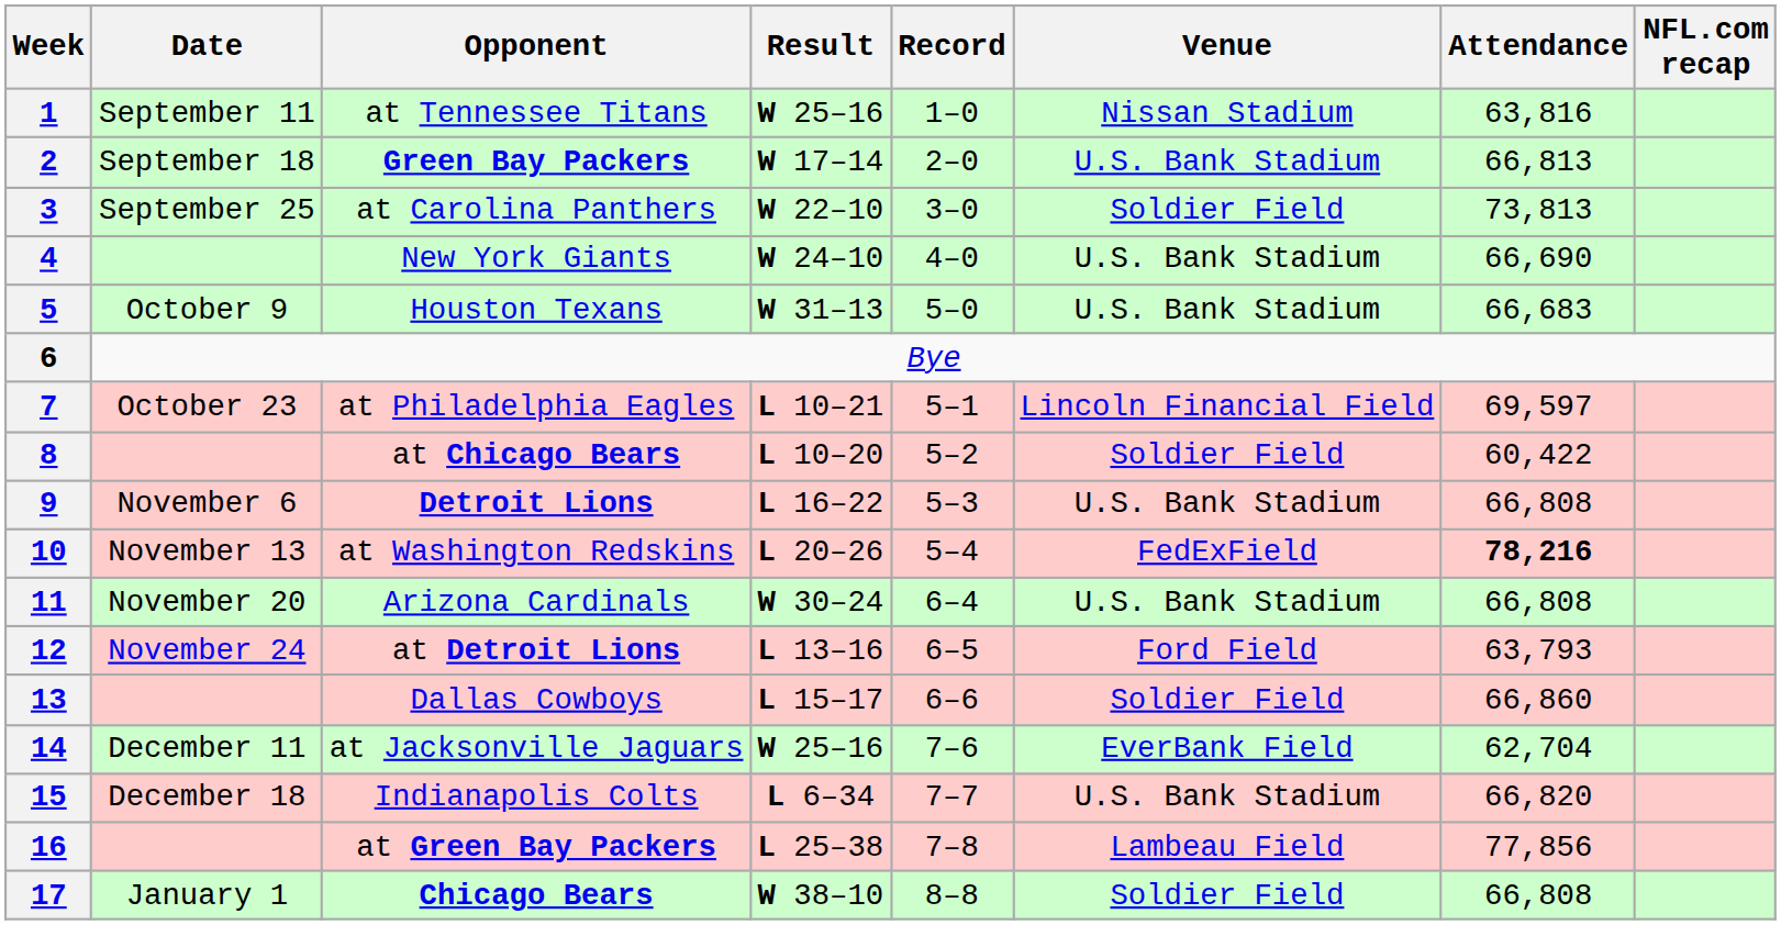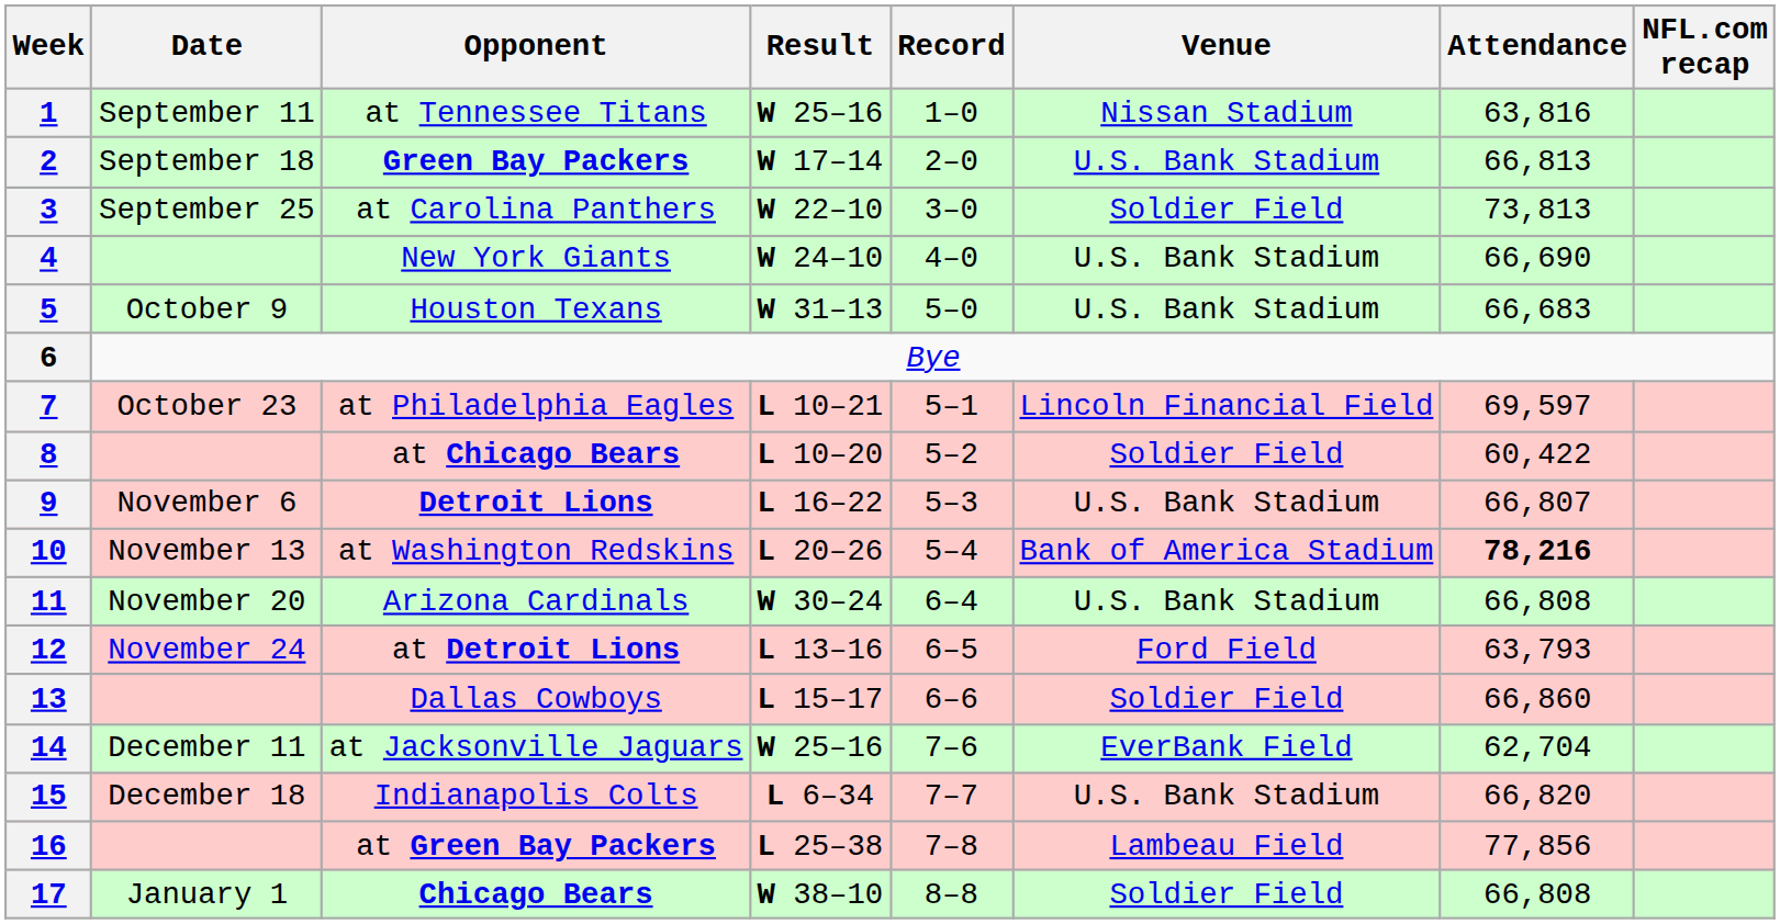 <table class="wikitable" style="text-align:center">
 <tr>
 <th>Week</th>
 <th>Date</th>
 <th>Opponent</th>
 <th>Result</th>
 <th>Record</th>
 <th>Venue</th>
 <th>Attendance</th>
 <th>NFL.com<br>recap</th>
 </tr>
 <tr style="background:#cfc">
 <th><a href='#'>1</a></th>
 <td>September 11</td>
 <td>at <a href='#'>Tennessee Titans</a></td>
 <td><strong>W</strong> 25–16</td>
 <td>1–0</td>
 <td><a href='#'>Nissan Stadium</a></td>
 <td>63,816</td>
 <td></td>
 </tr>
 <tr style="background:#cfc">
 <th><a href='#'>2</a></th>
 <td>September 18</td>
 <td><strong><a href='#'>Green Bay Packers</a></strong></td>
 <td><strong>W</strong> 17–14</td>
 <td>2–0</td>
 <td><a href='#'>U.S. Bank Stadium</a></td>
 <td>66,813</td>
 <td></td>
 </tr>
 <tr style="background:#cfc">
 <th><a href='#'>3</a></th>
 <td>September 25</td>
 <td>at <a href='#'>Carolina Panthers</a></td>
 <td><strong>W</strong> 22–10</td>
 <td>3–0</td>
 <td><a href='#'>Soldier Field</a></td>
 <td>73,813</td>
 <td></td>
 </tr>
 <tr style="background:#cfc">
 <th><a href='#'>4</a></th>
 <td></td>
 <td><a href='#'>New York Giants</a></td>
 <td><strong>W</strong> 24–10</td>
 <td>4–0</td>
 <td>U.S. Bank Stadium</td>
 <td>66,690</td>
 <td></td>
 </tr>
 <tr style="background:#cfc">
 <th><a href='#'>5</a></th>
 <td>October 9</td>
 <td><a href='#'>Houston Texans</a></td>
 <td><strong>W</strong> 31–13</td>
 <td>5–0</td>
 <td>U.S. Bank Stadium</td>
 <td>66,683</td>
 <td></td>
 </tr>
 <tr>
 <th>6</th>
 <td colspan="7"><em><a href='#'>Bye</a></em></td>
 </tr>
 <tr style="background:#fcc">
 <th><a href='#'>7</a></th>
 <td>October 23</td>
 <td>at <a href='#'>Philadelphia Eagles</a></td>
 <td><strong>L</strong> 10–21</td>
 <td>5–1</td>
 <td><a href='#'>Lincoln Financial Field</a></td>
 <td>69,597</td>
 <td></td>
 </tr>
 <tr style="background:#fcc">
 <th><a href='#'>8</a></th>
 <td></td>
 <td>at <strong><a href='#'>Chicago Bears</a></strong></td>
 <td><strong>L</strong> 10–20</td>
 <td>5–2</td>
 <td><a href='#'>Soldier Field</a></td>
 <td>60,422</td>
 <td></td>
 </tr>
 <tr style="background:#fcc">
 <th><a href='#'>9</a></th>
 <td>November 6</td>
 <td><strong><a href='#'>Detroit Lions</a></strong></td>
 <td><strong>L</strong> 16–22 </td>
 <td>5–3</td>
 <td>U.S. Bank Stadium</td>
-<td>66,808</td>
+<td>66,807</td>
 <td></td>
 </tr>
 <tr style="background:#fcc">
 <th><a href='#'>10</a></th>
 <td>November 13</td>
 <td>at <a href='#'>Washington Redskins</a></td>
 <td><strong>L</strong> 20–26</td>
 <td>5–4</td>
-<td><a href='#'>FedExField</a></td>
+<td><a href='#'>Bank of America Stadium</a></td>
 <td><strong>78,216</strong></td>
 <td></td>
 </tr>
 <tr style="background:#cfc">
 <th><a href='#'>11</a></th>
 <td>November 20</td>
 <td><a href='#'>Arizona Cardinals</a></td>
 <td><strong>W</strong> 30–24</td>
 <td>6–4</td>
 <td>U.S. Bank Stadium</td>
 <td>66,808</td>
 <td></td>
 </tr>
 <tr style="background:#fcc">
 <th><a href='#'>12</a></th>
 <td><a href='#'>November 24</a></td>
 <td>at <strong><a href='#'>Detroit Lions</a></strong></td>
 <td><strong>L</strong> 13–16</td>
 <td>6–5</td>
 <td><a href='#'>Ford Field</a></td>
 <td>63,793</td>
 <td></td>
 </tr>
 <tr style="background:#fcc">
 <th><a href='#'>13</a></th>
 <td></td>
 <td><a href='#'>Dallas Cowboys</a></td>
 <td><strong>L</strong> 15–17</td>
 <td>6–6</td>
 <td><a href='#'>Soldier Field</a></td>
 <td>66,860</td>
 <td></td>
 </tr>
 <tr style="background:#cfc">
 <th><a href='#'>14</a></th>
 <td>December 11</td>
 <td>at <a href='#'>Jacksonville Jaguars</a></td>
 <td><strong>W</strong> 25–16</td>
 <td>7–6</td>
 <td><a href='#'>EverBank Field</a></td>
 <td>62,704</td>
 <td></td>
 </tr>
 <tr style="background:#fcc">
 <th><a href='#'>15</a></th>
 <td>December 18</td>
 <td><a href='#'>Indianapolis Colts</a></td>
 <td><strong>L</strong> 6–34</td>
 <td>7–7</td>
 <td>U.S. Bank Stadium</td>
 <td>66,820</td>
 <td></td>
 </tr>
 <tr style="background:#fcc">
 <th><a href='#'>16</a></th>
 <td></td>
 <td>at <strong><a href='#'>Green Bay Packers</a></strong></td>
 <td><strong>L</strong> 25–38</td>
 <td>7–8</td>
 <td><a href='#'>Lambeau Field</a></td>
 <td>77,856</td>
 <td></td>
 </tr>
 <tr style="background:#cfc">
 <th><a href='#'>17</a></th>
 <td>January 1</td>
 <td><strong><a href='#'>Chicago Bears</a></strong></td>
 <td><strong>W</strong> 38–10</td>
 <td>8–8</td>
 <td><a href='#'>Soldier Field</a></td>
 <td>66,808</td>
 <td></td>
 </tr>
 </table>
